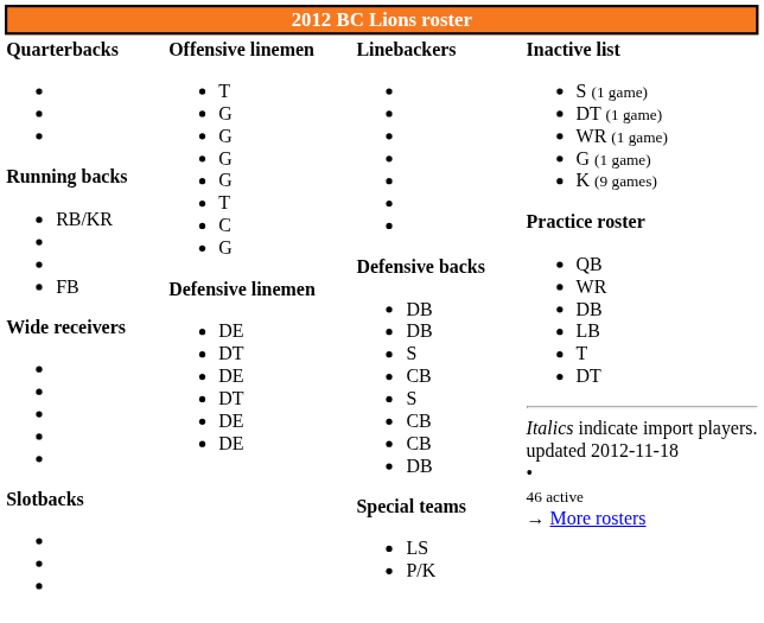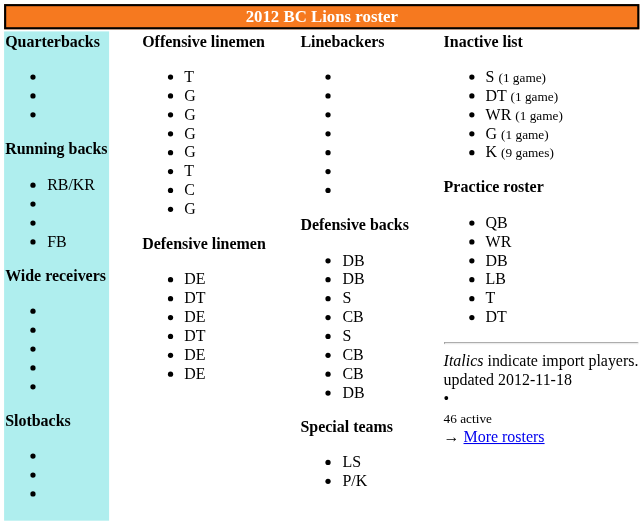 <table class="toccolours" style="text-align: left;">
 <tr>
 <th colspan="7" style="background-color: #F6791F; color:white; border:2px solid black;text-align:center;">2012 BC Lions roster</th>
 </tr>
 <tr>
-<td style="font-size: 95%;" valign="top"><strong>Quarterbacks</strong><br><ul><li></li><li></li><li></li></ul><strong>Running backs</strong><ul><li> RB/KR</li><li></li><li></li><li> FB</li></ul><strong>Wide receivers</strong><ul><li></li><li></li><li></li><li></li><li></li></ul><strong>Slotbacks</strong><ul><li></li><li></li><li></li></ul></td>
+<td style="background: paleturquoise; font-size: 95%;" valign="top"><strong>Quarterbacks</strong><br><ul><li></li><li></li><li></li></ul><strong>Running backs</strong><ul><li> RB/KR</li><li></li><li></li><li> FB</li></ul><strong>Wide receivers</strong><ul><li></li><li></li><li></li><li></li><li></li></ul><strong>Slotbacks</strong><ul><li></li><li></li><li></li></ul></td>
 <td style="width: 25px;"></td>
 <td style="font-size: 95%;" valign="top"><strong>Offensive linemen</strong><br><ul><li> T</li><li> G</li><li> G</li><li> G</li><li> G</li><li> T</li><li> C</li><li> G</li></ul><strong>Defensive linemen</strong><ul><li> DE</li><li> DT</li><li> DE</li><li> DT</li><li> DE</li><li> DE</li></ul></td>
 <td style="width: 25px;"></td>
 <td style="font-size: 95%;" valign="top"><strong>Linebackers</strong><br><ul><li></li><li></li><li></li><li></li><li></li><li></li><li></li></ul><strong>Defensive backs</strong><ul><li> DB</li><li> DB</li><li> S</li><li> CB</li><li> S</li><li> CB</li><li> CB</li><li> DB</li></ul><strong>Special teams</strong><ul><li> LS</li><li> P/K</li></ul></td>
 <td style="width: 25px;"></td>
 <td style="font-size: 95%;" valign="top"><strong>Inactive list</strong><br><ul><li> S  <small>(1 game)</small></li><li> DT  <small>(1 game)</small></li><li> WR  <small>(1 game)</small></li><li> G  <small>(1 game)</small></li><li> K  <small>(9 games)</small></li></ul><strong>Practice roster</strong><ul><li> QB</li><li> WR</li><li> DB</li><li> LB</li><li> T</li><li> DT</li></ul><hr> <em>Italics</em> indicate import players.<br> <span></span> updated 2012-11-18<br> <span></span> • <span></span><br> <small>46 active</small><br>→ <a href='#'>More rosters</a></td>
 </tr>
 <tr>
 </tr>
 </table>
